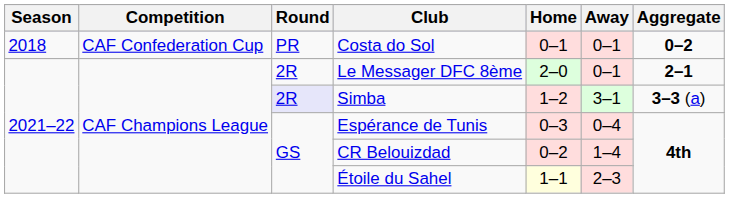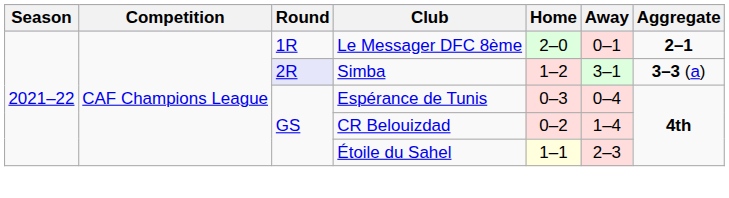 <table class="wikitable" style="text-align: left; font-size:100%">
 <tr bgcolor="#ccccff">
 <th>Season</th>
 <th>Competition</th>
 <th>Round</th>
 <th>Club</th>
 <th>Home</th>
 <th>Away</th>
 <th>Aggregate</th>
 </tr>
 <tr>
-<td><a href='#'>2018</a></td>
-<td><a href='#'>CAF Confederation Cup</a></td>
-<td><a href='#'>PR</a></td>
-<td> <a href='#'>Costa do Sol</a></td>
-<td style="text-align:center; background:#fdd;">0–1</td>
-<td style="text-align:center; background:#fdd;">0–1</td>
-<td align=center><strong>0–2</strong></td>
-</tr>
-<tr>
 <td rowspan=5><a href='#'>2021–22</a></td>
 <td rowspan=5><a href='#'>CAF Champions League</a></td>
-<td><a href='#'>2R</a></td>
+<td><a href='#'>1R</a></td>
 <td> <a href='#'>Le Messager DFC 8ème</a></td>
 <td style="text-align:center; background:#dfd;">2–0</td>
 <td style="text-align:center; background:#fdd;">0–1</td>
 <td align=center><strong>2–1</strong></td>
 </tr>
 <tr>
 <td style="background: lavender;"><a href='#'>2R</a></td>
 <td> <a href='#'>Simba</a></td>
 <td style="text-align:center; background:#fdd;">1–2</td>
 <td style="text-align:center; background:#dfd;">3–1</td>
 <td align=center><strong>3–3</strong> (<a href='#'>a</a>)</td>
 </tr>
 <tr>
 <td rowspan=3><a href='#'>GS</a></td>
 <td> <a href='#'>Espérance de Tunis</a></td>
 <td style="text-align:center; background:#fdd;">0–3</td>
 <td style="text-align:center; background:#fdd;">0–4</td>
 <td rowspan=3 style="text-align:center;"><strong>4th</strong></td>
 </tr>
 <tr>
 <td> <a href='#'>CR Belouizdad</a></td>
 <td style="text-align:center; background:#fdd;">0–2</td>
 <td style="text-align:center; background:#fdd;">1–4</td>
 </tr>
 <tr>
 <td> <a href='#'>Étoile du Sahel</a></td>
 <td style="text-align:center; background:#ffd;">1–1</td>
 <td style="text-align:center; background:#fdd;">2–3</td>
 </tr>
 </table>
